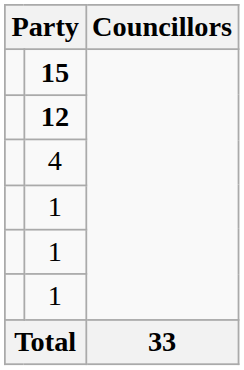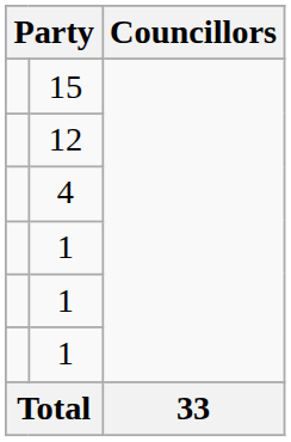 <table class="wikitable">
 <tr>
 <th colspan=2>Party</th>
 <th>Councillors</th>
 </tr>
 <tr>
 <td></td>
-<td align=center><strong>15</strong></td>
+<td align=center>15</td>
 </tr>
 <tr>
 <td></td>
-<td align=center><strong>12</strong></td>
+<td align=center>12</td>
 </tr>
 <tr>
 <td></td>
 <td align=center>4</td>
 </tr>
 <tr>
 <td></td>
 <td align=center>1</td>
 </tr>
 <tr>
 <td></td>
 <td align=center>1</td>
 </tr>
 <tr>
 <td></td>
 <td align=center>1</td>
 </tr>
 <tr>
 <th colspan=2>Total</th>
 <th align=center>33</th>
 </tr>
 </table>
